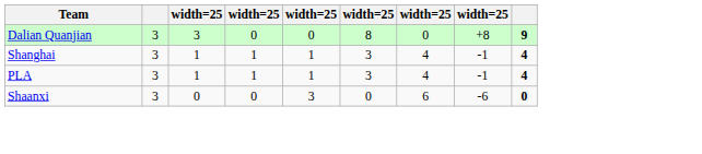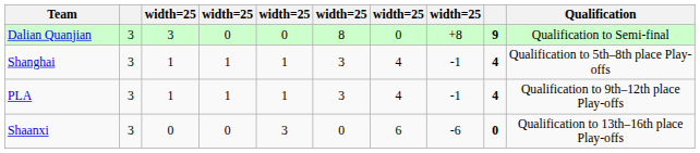 <table class="wikitable" style="text-align: center;">
 <tr>
 <th style="width:165px;">Team</th>
 <th width=25></th>
 <th>width=25</th>
 <th>width=25</th>
 <th>width=25</th>
 <th>width=25</th>
 <th>width=25</th>
 <th>width=25</th>
 <th width=25></th>
+<th width=280>Qualification</th>
 </tr>
 <tr style="background:#cfc;">
 <td align="left"><a href='#'>Dalian Quanjian</a></td>
 <td>3</td>
 <td>3</td>
 <td>0</td>
 <td>0</td>
 <td>8</td>
 <td>0</td>
 <td>+8</td>
 <td><strong>9</strong></td>
+<td>Qualification to Semi-final</td>
 </tr>
 <tr style=>
 <td align="left"><a href='#'>Shanghai</a></td>
 <td>3</td>
 <td>1</td>
 <td>1</td>
 <td>1</td>
 <td>3</td>
 <td>4</td>
 <td>-1</td>
 <td><strong>4</strong></td>
+<td>Qualification to 5th–8th place Play-offs</td>
 </tr>
 <tr>
 <td align="left"><a href='#'>PLA</a></td>
 <td>3</td>
 <td>1</td>
 <td>1</td>
 <td>1</td>
 <td>3</td>
 <td>4</td>
 <td>-1</td>
 <td><strong>4</strong></td>
+<td>Qualification to 9th–12th place Play-offs</td>
 </tr>
 <tr>
 <td align="left"><a href='#'>Shaanxi</a></td>
 <td>3</td>
 <td>0</td>
 <td>0</td>
 <td>3</td>
 <td>0</td>
 <td>6</td>
 <td>-6</td>
 <td><strong>0</strong></td>
+<td>Qualification to 13th–16th place Play-offs</td>
 </tr>
 </table>
